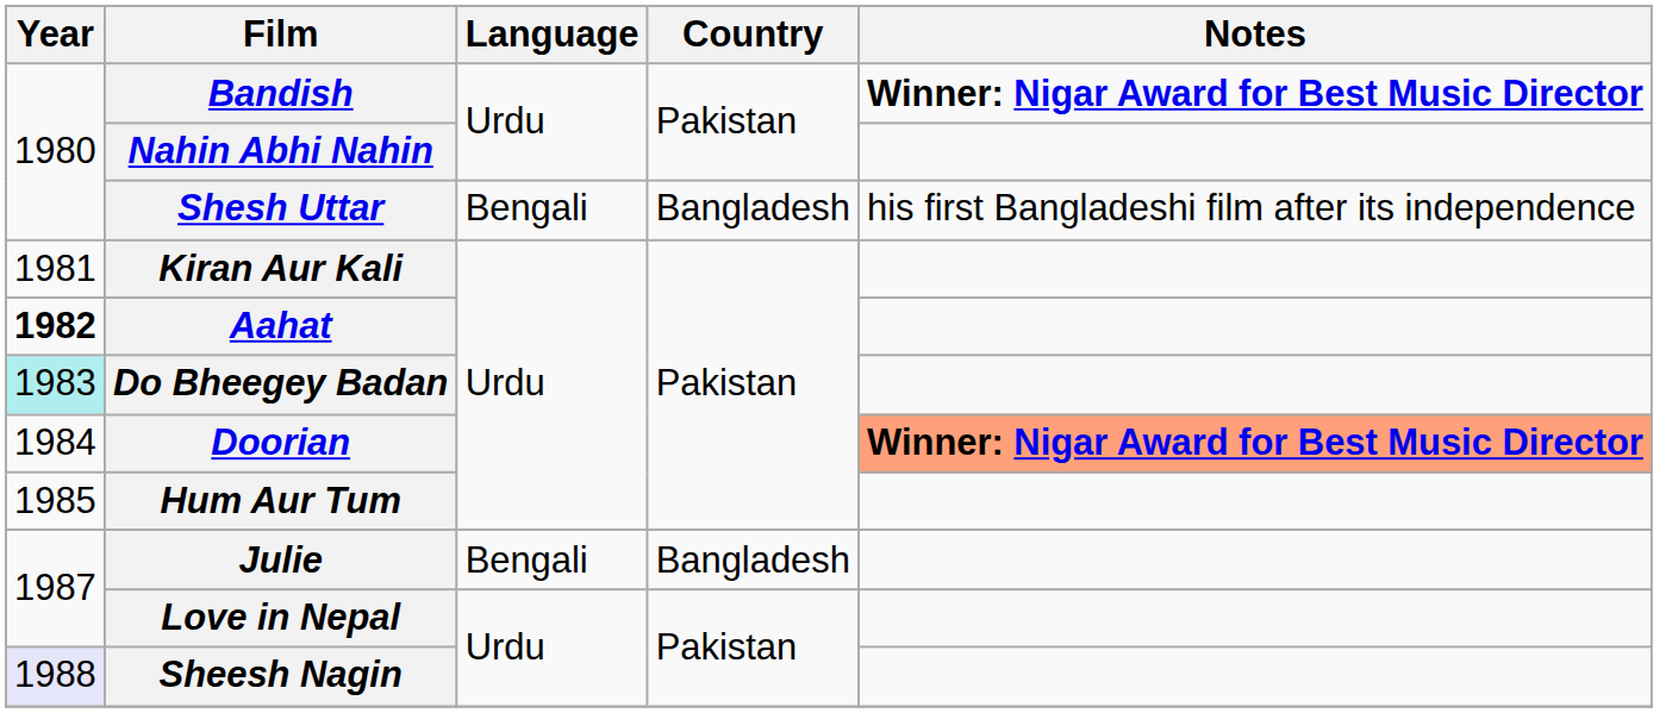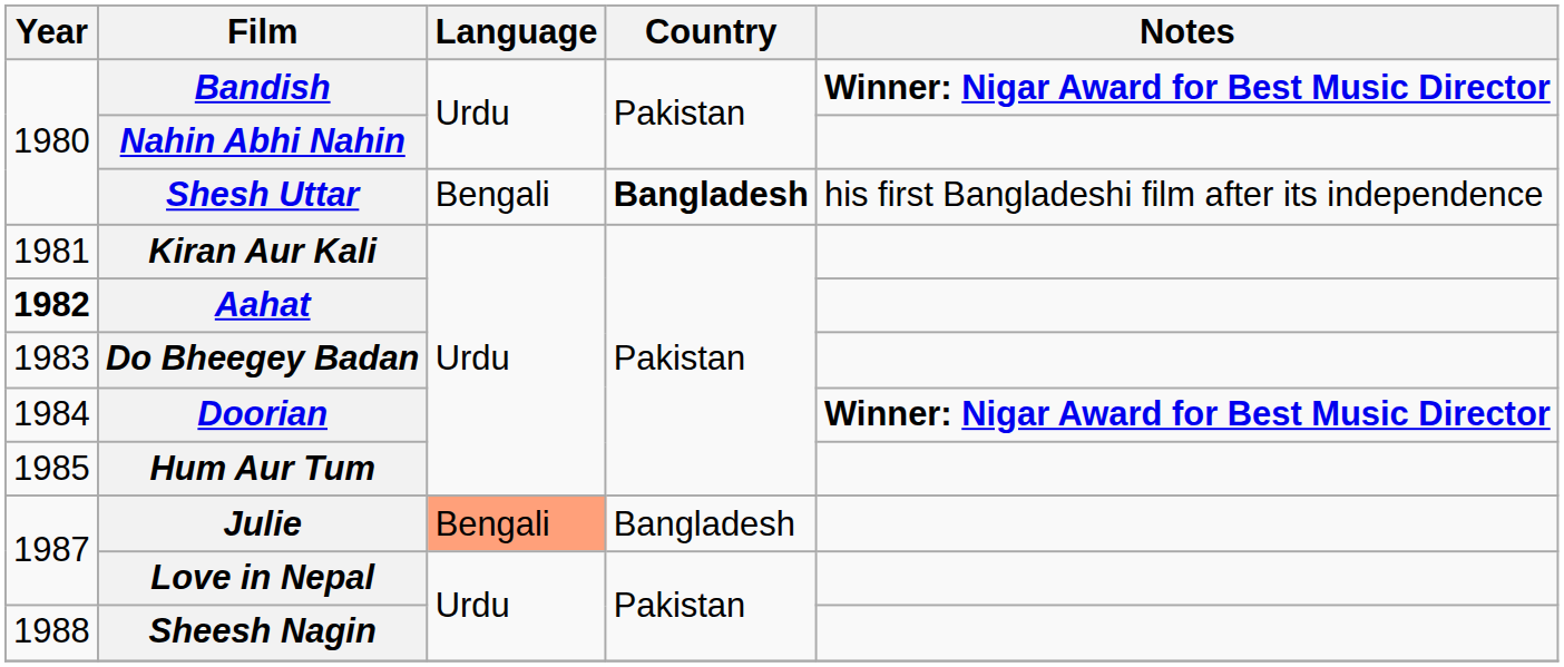 <table class="wikitable sortable">
 <tr>
 <th>Year</th>
 <th>Film</th>
 <th>Language</th>
 <th>Country</th>
 <th>Notes</th>
 </tr>
 <tr>
 <td rowspan=3>1980</td>
 <th><em><a href='#'>Bandish</a></em></th>
 <td rowspan=2>Urdu</td>
 <td rowspan=2>Pakistan</td>
 <td><strong>Winner: <a href='#'>Nigar Award for Best Music Director</a></strong></td>
 </tr>
 <tr>
 <th><em><a href='#'>Nahin Abhi Nahin</a></em></th>
 <td></td>
 </tr>
 <tr>
 <th><em><a href='#'>Shesh Uttar</a></em></th>
 <td>Bengali</td>
-<td>Bangladesh</td>
+<td><strong>Bangladesh</strong></td>
 <td>his first Bangladeshi film after its independence</td>
 </tr>
 <tr>
 <td>1981</td>
 <th><em>Kiran Aur Kali</em></th>
 <td rowspan=5>Urdu</td>
 <td rowspan=5>Pakistan</td>
 <td></td>
 </tr>
 <tr>
 <td><strong>1982</strong></td>
 <th><em><a href='#'>Aahat</a></em></th>
 <td></td>
 </tr>
 <tr>
-<td rowspan=1 style="background: paleturquoise;">1983</td>
+<td rowspan=1>1983</td>
 <th><em>Do Bheegey Badan</em></th>
 <td></td>
 </tr>
 <tr>
 <td>1984</td>
 <th><em><a href='#'>Doorian</a></em></th>
-<td style="background: lightsalmon;"><strong>Winner: <a href='#'>Nigar Award for Best Music Director</a></strong></td>
+<td><strong>Winner: <a href='#'>Nigar Award for Best Music Director</a></strong></td>
 </tr>
 <tr>
 <td>1985</td>
 <th><em>Hum Aur Tum</em></th>
 <td></td>
 </tr>
 <tr>
 <td rowspan=2>1987</td>
 <th><em>Julie</em></th>
-<td>Bengali</td>
+<td style="background: lightsalmon;">Bengali</td>
 <td>Bangladesh</td>
 <td></td>
 </tr>
 <tr>
 <th><em>Love in Nepal</em></th>
 <td rowspan=2>Urdu</td>
 <td rowspan=2>Pakistan</td>
 <td></td>
 </tr>
 <tr>
-<td style="background: lavender;">1988</td>
+<td>1988</td>
 <th><em>Sheesh Nagin</em></th>
 <td></td>
 </tr>
 <tr>
 </tr>
 </table>
